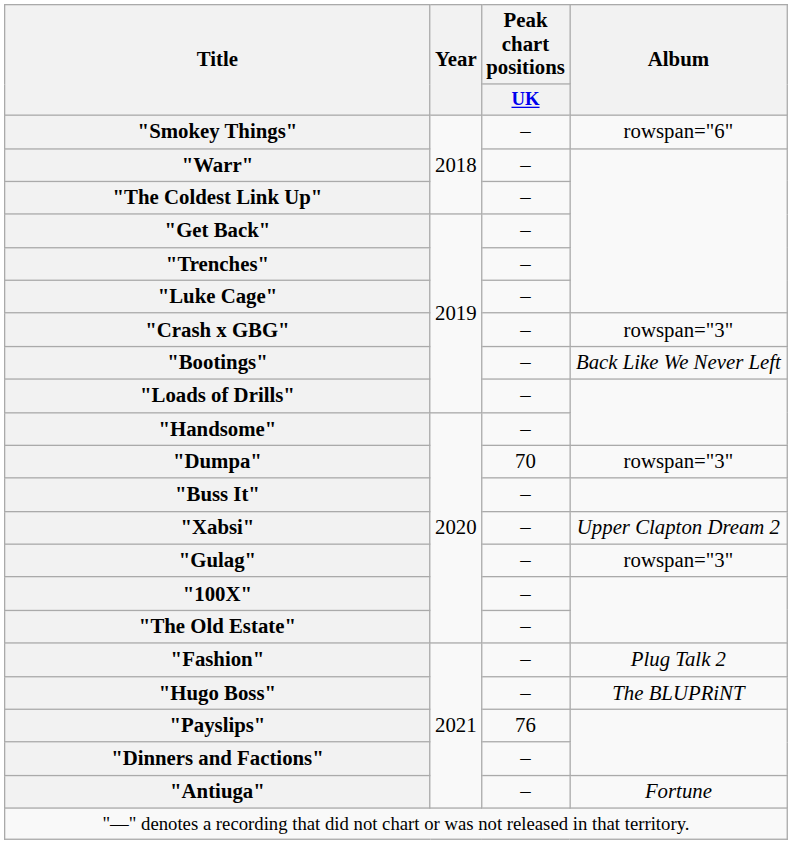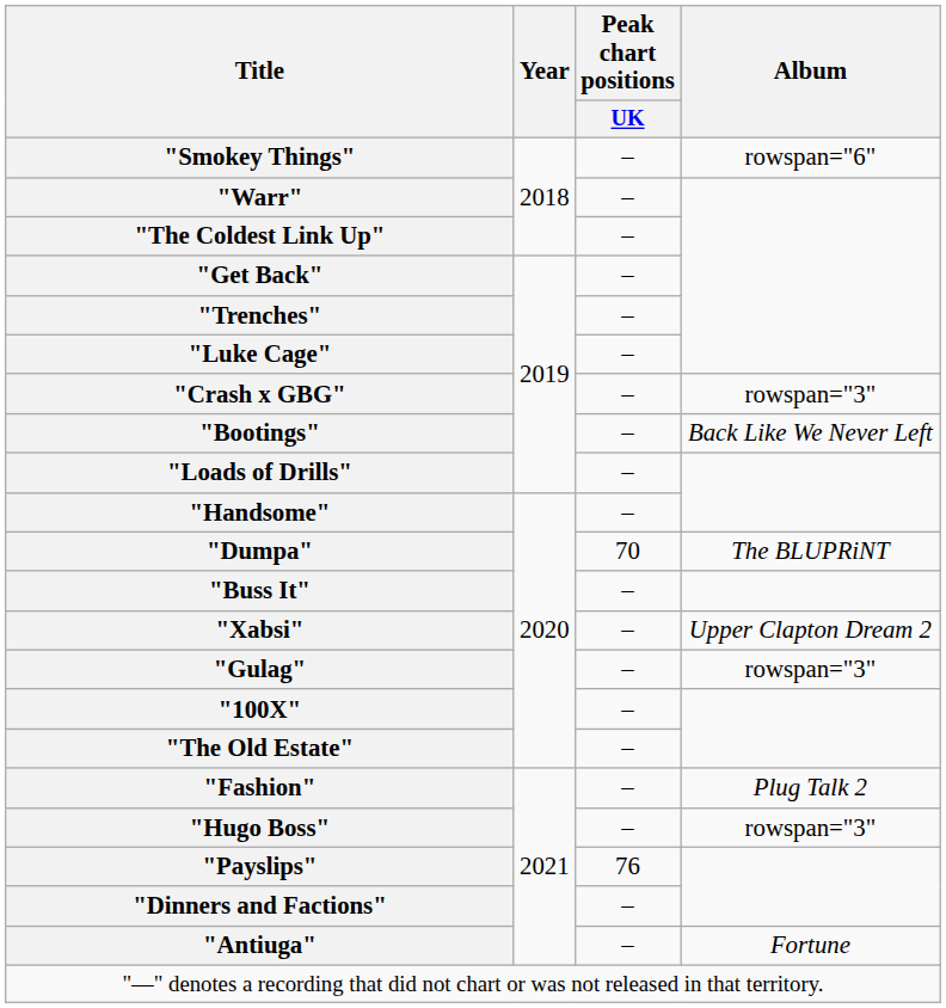 <table class="wikitable plainrowheaders" style="text-align:center;">
 <tr>
 <th rowspan="2" scope="col" style="width:20em;">Title</th>
 <th rowspan="2" scope="col" style="width:1em;">Year</th>
 <th colspan="1" scope="col">Peak chart positions</th>
 <th rowspan="2" scope="col" style="width:10em;">Album</th>
 </tr>
 <tr>
 <th scope="col" style="width:3em;font-size:90%;"><a href='#'>UK</a><br></th>
 </tr>
 <tr>
 <th scope="row">"Smokey Things"<br></th>
 <td rowspan="3">2018</td>
 <td>–</td>
 <td>rowspan="6" </td>
 </tr>
 <tr>
 <th scope="row">"Warr"<br></th>
 <td>–</td>
 </tr>
 <tr>
 <th scope="row">"The Coldest Link Up"<br></th>
 <td>–</td>
 </tr>
 <tr>
 <th scope="row">"Get Back"<br></th>
 <td rowspan="6">2019</td>
 <td>–</td>
 </tr>
 <tr>
 <th scope="row">"Trenches"<br></th>
 <td>–</td>
 </tr>
 <tr>
 <th scope="row">"Luke Cage"<br></th>
 <td>–</td>
 </tr>
 <tr>
 <th scope="row">"Crash x GBG"<br></th>
 <td>–</td>
 <td>rowspan="3" </td>
 </tr>
 <tr>
 <th scope="row">"Bootings"<br></th>
 <td>–</td>
 <td><em>Back Like We Never Left</em></td>
 </tr>
 <tr>
 <th scope="row">"Loads of Drills"<br></th>
 <td>–</td>
 </tr>
 <tr>
 <th scope="row">"Handsome"<br></th>
 <td rowspan="7">2020</td>
 <td>–</td>
 </tr>
 <tr>
 <th scope="row">"Dumpa"<br></th>
 <td>70</td>
-<td>rowspan="3" </td>
+<td><em>The BLUPRiNT</em></td>
 </tr>
 <tr>
 <th scope="row">"Buss It"<br></th>
 <td>–</td>
 <td></td>
 </tr>
 <tr>
 <th scope="row">"Xabsi"<br></th>
 <td>–</td>
 <td><em>Upper Clapton Dream 2</em></td>
 </tr>
 <tr>
 <th scope="row">"Gulag"<br></th>
 <td>–</td>
 <td>rowspan="3" </td>
 </tr>
 <tr>
 <th scope="row">"100X"<br></th>
 <td>–</td>
 </tr>
 <tr>
 <th scope="row">"The Old Estate"<br></th>
 <td>–</td>
 </tr>
 <tr>
 <th scope="row">"Fashion"<br></th>
 <td rowspan="5">2021</td>
 <td>–</td>
 <td><em>Plug Talk 2</em></td>
 </tr>
 <tr>
 <th scope="row">"Hugo Boss"<br></th>
 <td>–</td>
-<td><em>The BLUPRiNT</em></td>
+<td>rowspan="3" </td>
 </tr>
 <tr>
 <th scope="row">"Payslips"<br></th>
 <td>76</td>
 </tr>
 <tr>
 <th scope="row">"Dinners and Factions"<br></th>
 <td>–</td>
 </tr>
 <tr>
 <th scope="row">"Antiuga"<br></th>
 <td>–</td>
 <td><em>Fortune</em></td>
 </tr>
 <tr>
 <td colspan="8" style="font-size:90%">"—" denotes a recording that did not chart or was not released in that territory.</td>
 </tr>
 </table>
